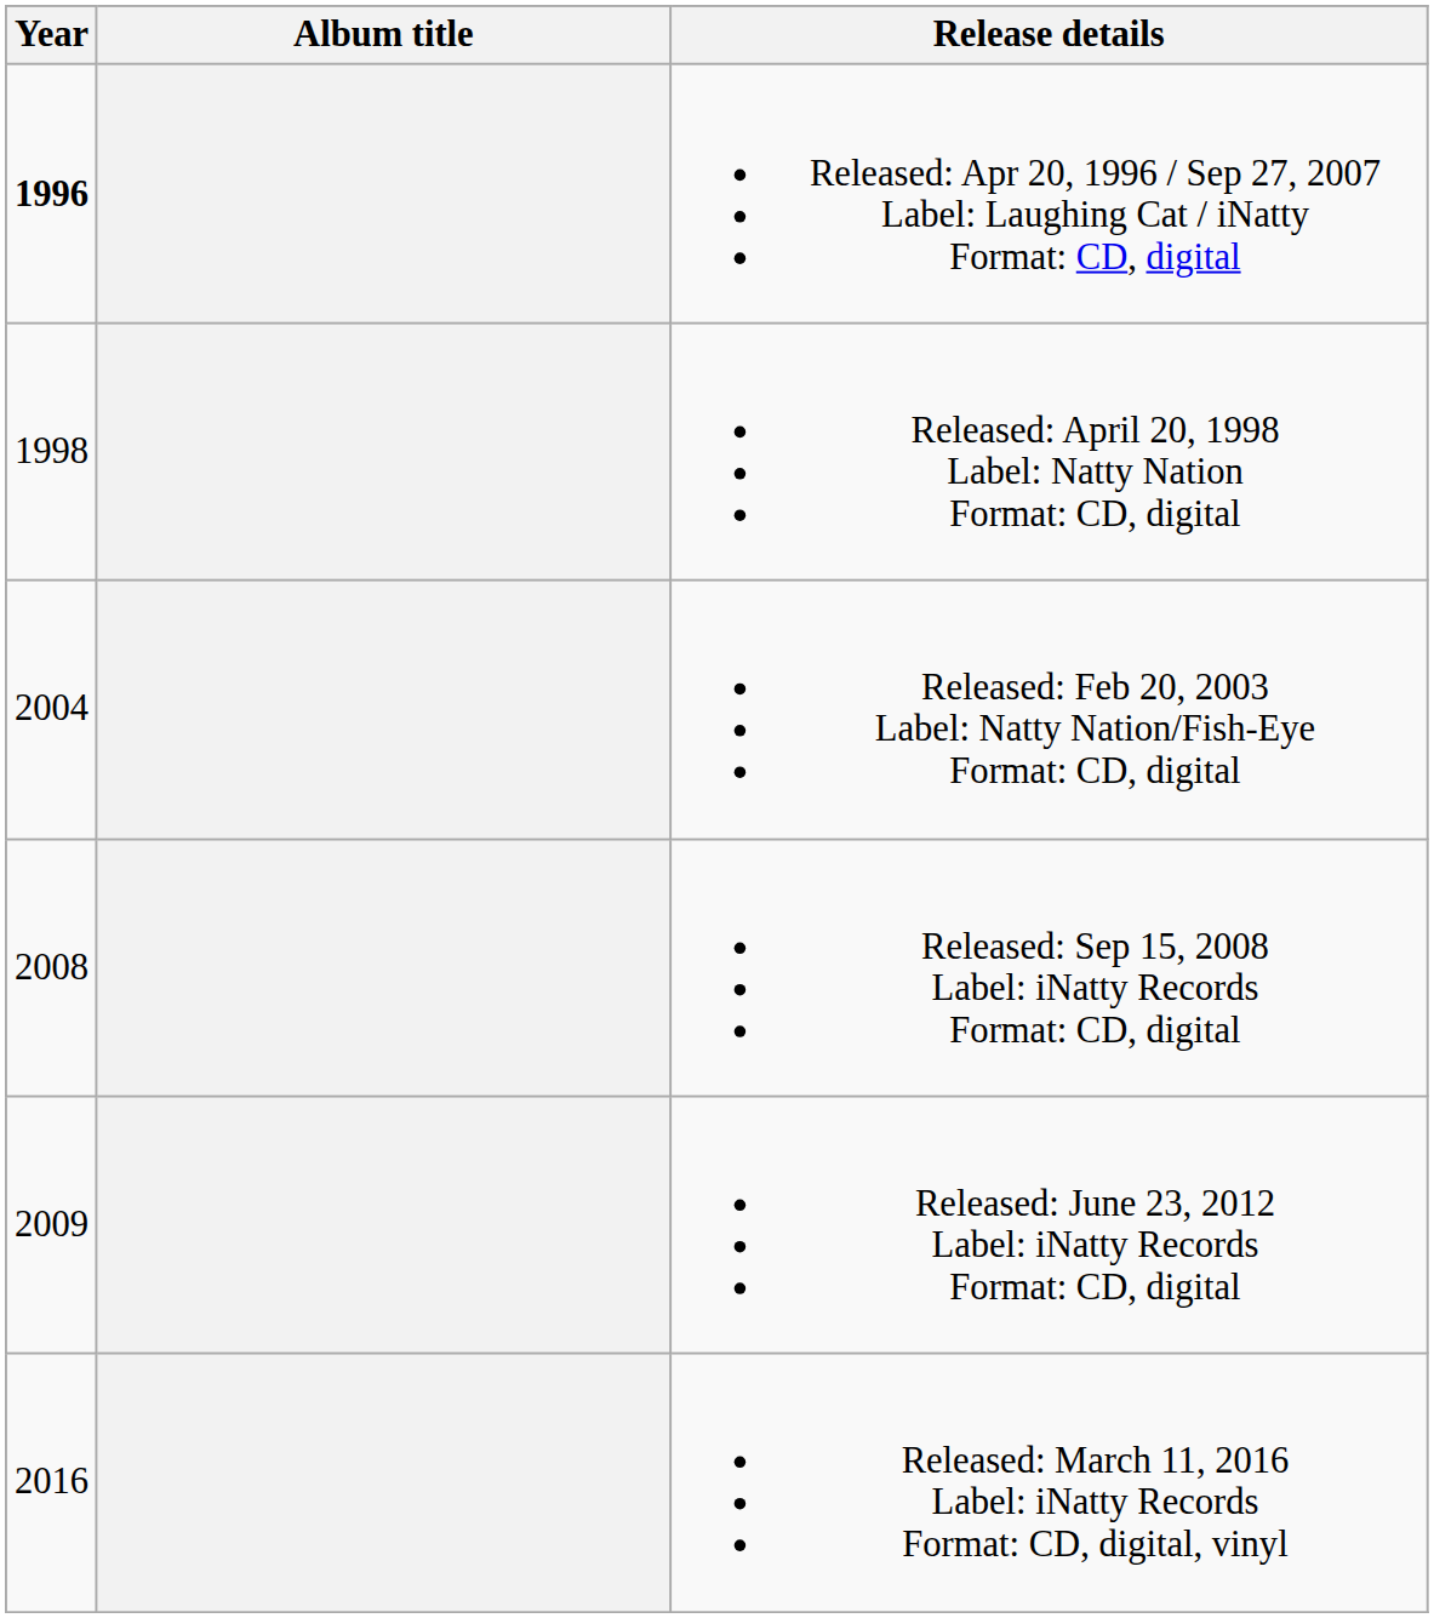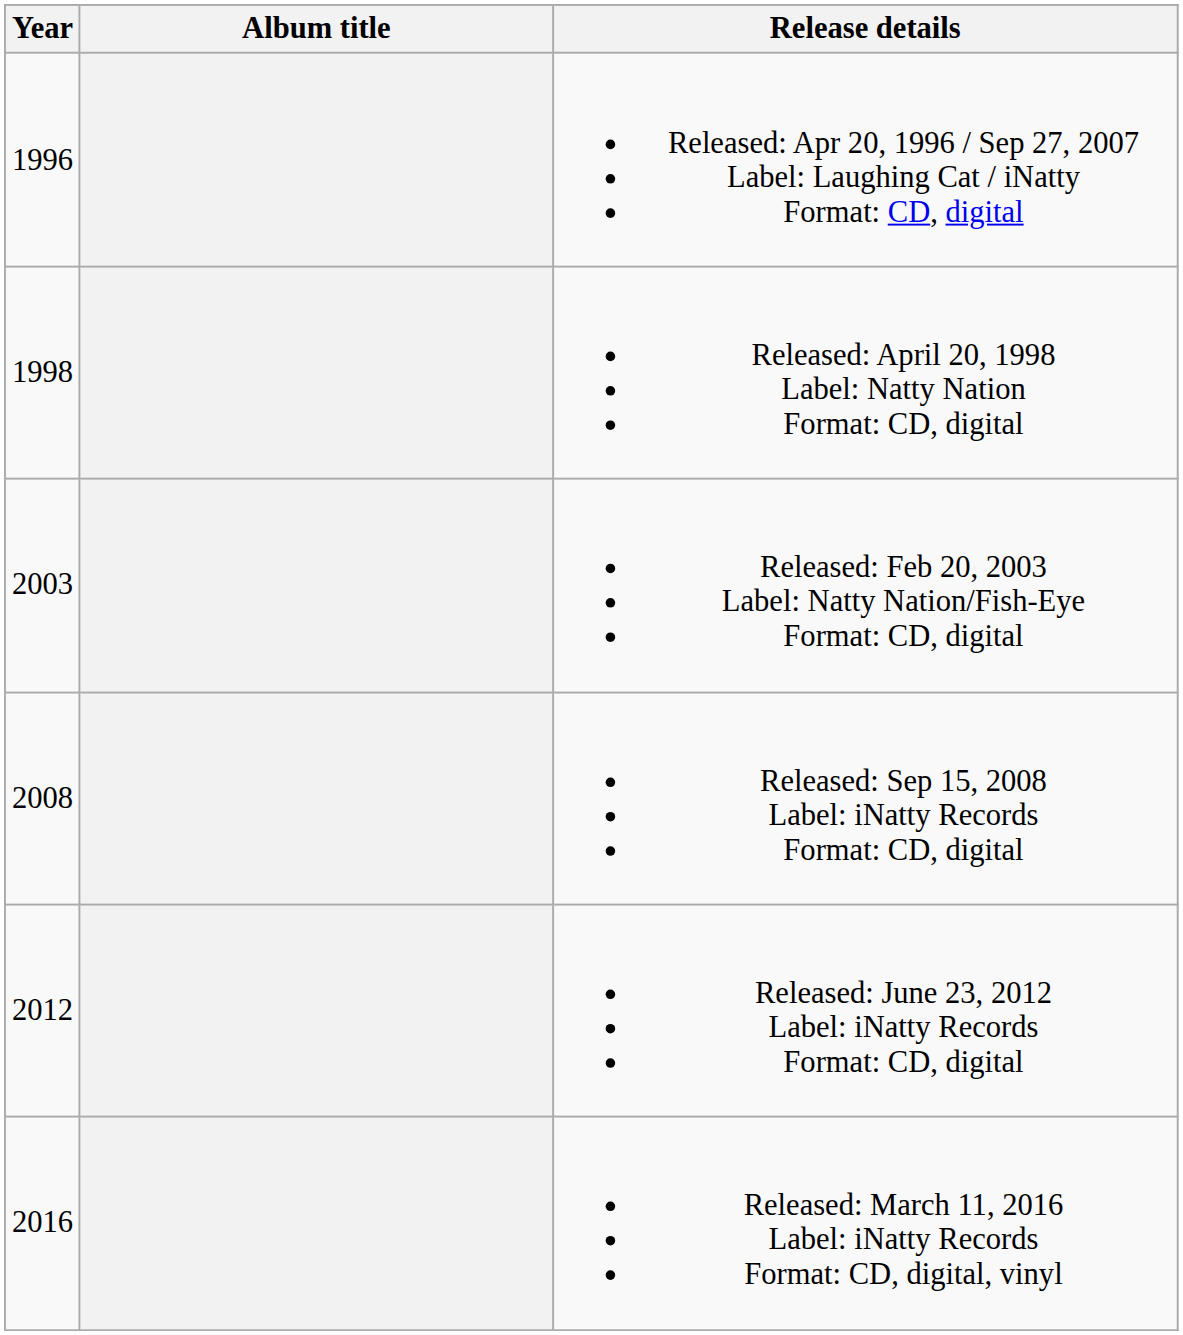 <table class="wikitable plainrowheaders" style="text-align:center;">
 <tr>
 <th>Year</th>
 <th scope="col" rowspan="1" style="width:15em;">Album title</th>
 <th scope="col" rowspan="1" style="width:20em;">Release details</th>
 </tr>
 <tr>
-<td><strong>1996</strong></td>
+<td>1996</td>
 <th></th>
 <td><br><ul><li>Released: Apr 20, 1996 / Sep 27, 2007</li><li>Label: Laughing Cat / iNatty</li><li>Format: <a href='#'>CD</a>, <a href='#'>digital</a></li></ul></td>
 </tr>
 <tr>
 <td>1998</td>
 <th></th>
 <td><br><ul><li>Released: April 20, 1998</li><li>Label: Natty Nation</li><li>Format: CD, digital</li></ul></td>
 </tr>
 <tr>
-<td>2004</td>
+<td>2003</td>
 <th></th>
 <td><br><ul><li>Released: Feb 20, 2003</li><li>Label: Natty Nation/Fish-Eye</li><li>Format: CD, digital</li></ul></td>
 </tr>
 <tr>
 <td>2008</td>
 <th></th>
 <td><br><ul><li>Released: Sep 15, 2008</li><li>Label: iNatty Records</li><li>Format: CD, digital</li></ul></td>
 </tr>
 <tr>
-<td>2009</td>
+<td>2012</td>
 <th></th>
 <td><br><ul><li>Released: June 23, 2012</li><li>Label: iNatty Records</li><li>Format: CD, digital</li></ul></td>
 </tr>
 <tr>
 <td>2016</td>
 <th></th>
 <td><br><ul><li>Released: March 11, 2016</li><li>Label: iNatty Records</li><li>Format: CD, digital, vinyl</li></ul></td>
 </tr>
 <tr>
 </tr>
 </table>
